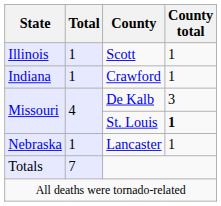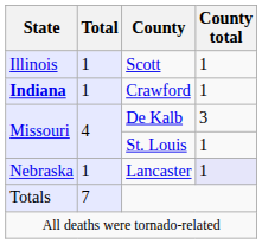 <table class="wikitable" style="margin:0 0 0.5em 1em;float:right;">
 <tr>
 <th>State</th>
 <th>Total</th>
 <th>County</th>
 <th>County<br>total</th>
 </tr>
 <tr>
 <td style="background:#e6e9ff;"><a href='#'>Illinois</a></td>
 <td style="background:#e6e9ff;">1</td>
 <td><a href='#'>Scott</a></td>
 <td>1</td>
 </tr>
 <tr>
-<td style="background:#e6e9ff;"><a href='#'>Indiana</a></td>
+<td style="background:#e6e9ff;"><strong><a href='#'>Indiana</a></strong></td>
 <td style="background:#e6e9ff;">1</td>
 <td><a href='#'>Crawford</a></td>
 <td>1</td>
 </tr>
 <tr>
 <td rowspan="2" style="background:#e6e9ff;"><a href='#'>Missouri</a></td>
 <td rowspan="2" style="background:#e6e9ff;">4</td>
 <td><a href='#'>De Kalb</a></td>
 <td>3</td>
 </tr>
 <tr>
 <td><a href='#'>St. Louis</a></td>
-<td><strong>1</strong></td>
+<td>1</td>
 </tr>
 <tr>
 <td style="background:#e6e9ff;"><a href='#'>Nebraska</a></td>
 <td style="background:#e6e9ff;">1</td>
 <td><a href='#'>Lancaster</a></td>
-<td>1</td>
+<td style="background: lavender;">1</td>
 </tr>
 <tr>
 <td style="background:#e6e9ff;">Totals</td>
 <td style="background:#e6e9ff;">7</td>
 <td colspan=2></td>
 </tr>
 <tr>
 <td colspan="4" style="text-align:center;"><small>All deaths were tornado-related</small></td>
 </tr>
 </table>
